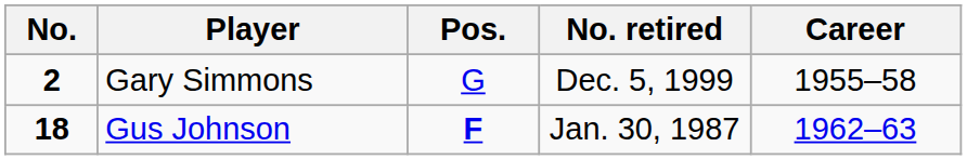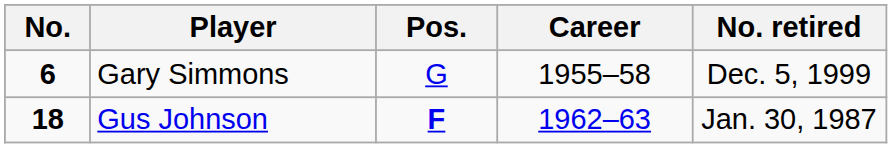 <table class="wikitable" style="text-align:center">
 <tr>
 <th width=40px>No.</th>
 <th width=150px>Player</th>
 <th width=60px>Pos.</th>
+<th width=100px>Career</th>
 <th width=100px>No. retired</th>
-<th width=100px>Career</th>
 </tr>
 <tr>
-<td><strong>2</strong></td>
+<td><strong>6</strong></td>
 <td align=left>Gary Simmons </td>
 <td><a href='#'>G</a></td>
+<td>1955–58</td>
 <td>Dec. 5, 1999</td>
-<td>1955–58</td>
 </tr>
 <tr>
 <td><strong>18</strong></td>
 <td align=left><a href='#'>Gus Johnson</a></td>
 <td><strong><a href='#'>F</a></strong></td>
+<td><a href='#'>1962–63</a></td>
 <td>Jan. 30, 1987</td>
-<td><a href='#'>1962–63</a></td>
 </tr>
 </table>
